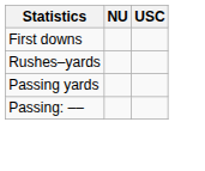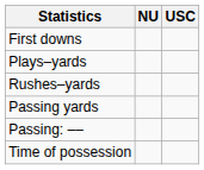 <table class="wikitable" style="float:left">
 <tr>
 <th>Statistics</th>
 <th>NU</th>
 <th>USC</th>
 </tr>
 <tr>
 <td>First downs</td>
+<td></td>
+<td></td>
+</tr>
+<tr>
+<td>Plays–yards</td>
 <td></td>
 <td></td>
 </tr>
 <tr>
 <td>Rushes–yards</td>
 <td></td>
 <td></td>
 </tr>
 <tr>
 <td>Passing yards</td>
 <td></td>
 <td></td>
 </tr>
 <tr>
 <td>Passing: ––</td>
 <td></td>
 <td></td>
 </tr>
+<tr>
+<td>Time of possession</td>
+<td></td>
+<td></td>
+</tr>
 </table>
